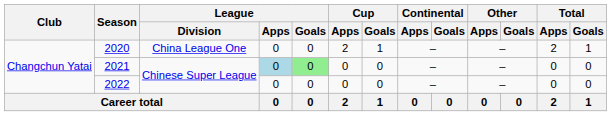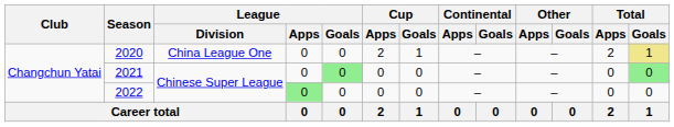 <table class="wikitable" style="text-align: center">
 <tr>
 <th rowspan="2">Club</th>
 <th rowspan="2">Season</th>
 <th colspan="3">League</th>
 <th colspan="2">Cup</th>
 <th colspan="2">Continental</th>
 <th colspan="2">Other</th>
 <th colspan="2">Total</th>
 </tr>
 <tr>
 <th>Division</th>
 <th>Apps</th>
 <th>Goals</th>
 <th>Apps</th>
 <th>Goals</th>
 <th>Apps</th>
 <th>Goals</th>
 <th>Apps</th>
 <th>Goals</th>
 <th>Apps</th>
 <th>Goals</th>
 </tr>
 <tr>
 <td rowspan=3><a href='#'>Changchun Yatai</a></td>
 <td><a href='#'>2020</a></td>
 <td><a href='#'>China League One</a></td>
 <td>0</td>
 <td>0</td>
 <td>2</td>
 <td>1</td>
 <td colspan="2">–</td>
 <td colspan="2">–</td>
 <td>2</td>
-<td>1</td>
+<td style="background: khaki;">1</td>
 </tr>
 <tr>
 <td><a href='#'>2021</a></td>
 <td rowspan=2><a href='#'>Chinese Super League</a></td>
-<td style="background: lightblue;">0</td>
+<td>0</td>
 <td style="background: lightgreen;">0</td>
 <td>0</td>
 <td>0</td>
 <td colspan="2">–</td>
 <td colspan="2">–</td>
 <td>0</td>
-<td>0</td>
+<td style="background: lightgreen;">0</td>
 </tr>
 <tr>
 <td><a href='#'>2022</a></td>
-<td>0</td>
+<td style="background: lightgreen;">0</td>
 <td>0</td>
 <td>0</td>
 <td>0</td>
 <td colspan="2">–</td>
 <td colspan="2">–</td>
 <td>0</td>
 <td>0</td>
 </tr>
 <tr>
 <th colspan=3>Career total</th>
 <th>0</th>
 <th>0</th>
 <th>2</th>
 <th>1</th>
 <th>0</th>
 <th>0</th>
 <th>0</th>
 <th>0</th>
 <th>2</th>
 <th>1</th>
 </tr>
 </table>
